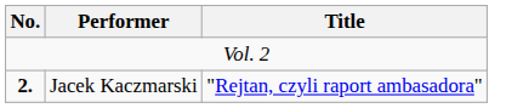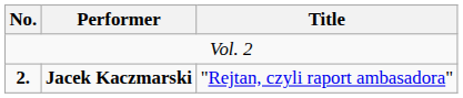 <table class="wikitable">
 <tr>
 <th>No.</th>
 <th>Performer</th>
 <th>Title</th>
 </tr>
 <tr>
 <td colspan="3" style="text-align:center"><em>Vol. 2</em></td>
 </tr>
 <tr>
 <td style="text-align:center"><strong>2.</strong></td>
-<td>Jacek Kaczmarski</td>
+<td><strong>Jacek Kaczmarski</strong></td>
 <td>"<a href='#'>Rejtan, czyli raport ambasadora</a>"</td>
 </tr>
 </table>
